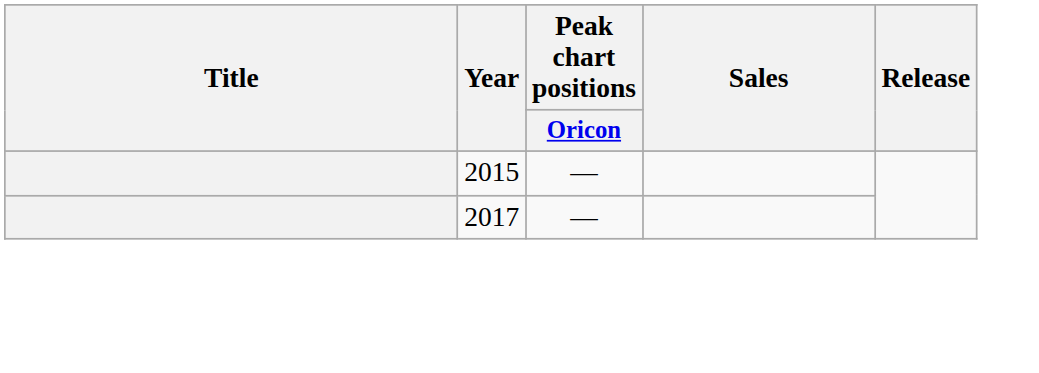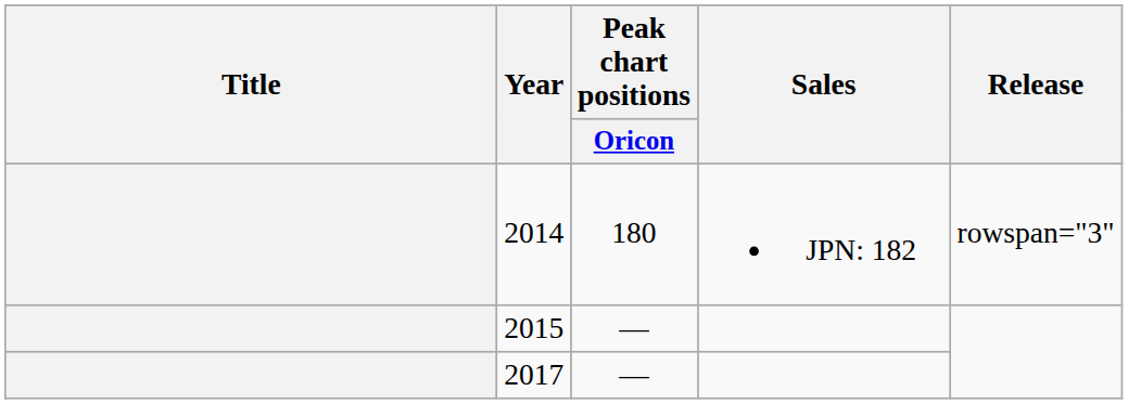 <table class="wikitable plainrowheaders" style="text-align:center;" border="1">
 <tr>
 <th scope="col" rowspan="2" style="width:16em;">Title</th>
 <th scope="col" rowspan="2">Year</th>
 <th scope="col">Peak chart positions</th>
 <th scope="col" rowspan="2" style="width:8em;">Sales</th>
 <th scope="col" rowspan="2">Release</th>
 </tr>
 <tr>
 <th scope="col" style="width:3em;font-size:90%;"><a href='#'>Oricon</a><br></th>
+</tr>
+<tr>
+<th scope="row"></th>
+<td>2014</td>
+<td>180</td>
+<td><br><ul><li>JPN: 182</li></ul></td>
+<td>rowspan="3" </td>
 </tr>
 <tr>
 <th scope="row"></th>
 <td>2015</td>
 <td>—</td>
 <td></td>
 </tr>
 <tr>
 <th scope="row"></th>
 <td>2017</td>
 <td>—</td>
 <td></td>
 </tr>
 </table>
